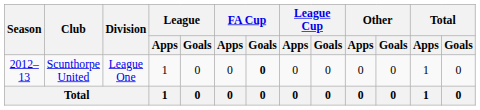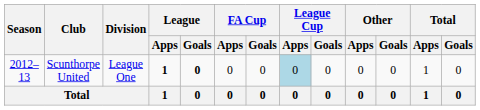 <table class="wikitable" style="text-align:center;">
 <tr>
 <th rowspan="2">Season</th>
 <th rowspan="2">Club</th>
 <th rowspan="2">Division</th>
 <th colspan="2">League</th>
 <th colspan="2"><a href='#'>FA Cup</a></th>
 <th colspan="2"><a href='#'>League Cup</a></th>
 <th colspan="2">Other</th>
 <th colspan="2">Total</th>
 </tr>
 <tr>
 <th>Apps</th>
 <th>Goals</th>
 <th>Apps</th>
 <th>Goals</th>
 <th>Apps</th>
 <th>Goals</th>
 <th>Apps</th>
 <th>Goals</th>
 <th>Apps</th>
 <th>Goals</th>
 </tr>
 <tr>
 <td><a href='#'>2012–13</a></td>
 <td><a href='#'>Scunthorpe United</a></td>
 <td><a href='#'>League One</a></td>
-<td>1</td>
+<td><strong>1</strong></td>
+<td><strong>0</strong></td>
 <td>0</td>
 <td>0</td>
-<td><strong>0</strong></td>
-<td>0</td>
+<td style="background: lightblue;">0</td>
 <td>0</td>
 <td>0</td>
 <td>0</td>
 <td>1</td>
 <td>0</td>
 </tr>
 <tr>
 <th colspan="3">Total</th>
 <th>1</th>
 <th>0</th>
 <th>0</th>
 <th>0</th>
 <th>0</th>
 <th>0</th>
 <th>0</th>
 <th>0</th>
 <th>1</th>
 <th>0</th>
 </tr>
 </table>
